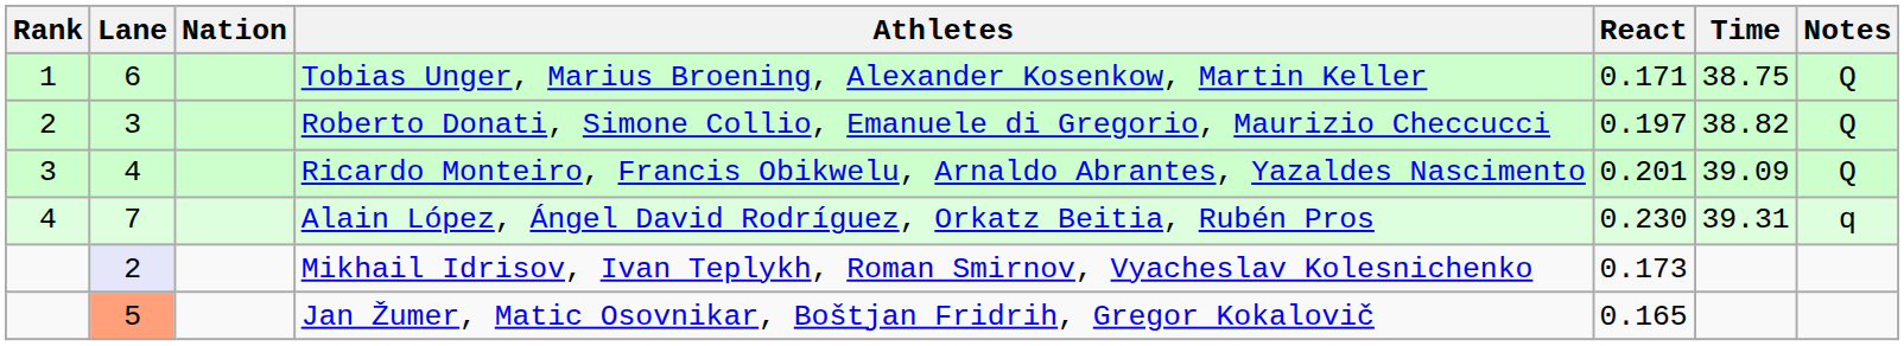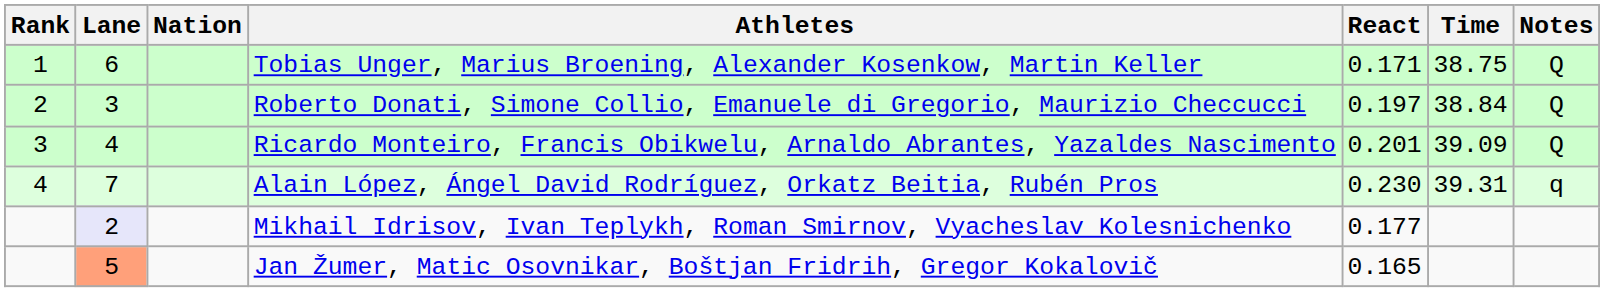 <table class="wikitable sortable" style="text-align:center">
 <tr>
 <th>Rank</th>
 <th>Lane</th>
 <th>Nation</th>
 <th>Athletes</th>
 <th>React</th>
 <th>Time</th>
 <th>Notes</th>
 </tr>
 <tr bgcolor=ccffcc>
 <td>1</td>
 <td>6</td>
 <td align=left></td>
 <td align=left><a href='#'>Tobias Unger</a>, <a href='#'>Marius Broening</a>, <a href='#'>Alexander Kosenkow</a>, <a href='#'>Martin Keller</a></td>
 <td>0.171</td>
 <td>38.75</td>
 <td>Q</td>
 </tr>
 <tr bgcolor=ccffcc>
 <td>2</td>
 <td>3</td>
 <td align=left></td>
 <td align=left><a href='#'>Roberto Donati</a>, <a href='#'>Simone Collio</a>, <a href='#'>Emanuele di Gregorio</a>, <a href='#'>Maurizio Checcucci</a></td>
 <td>0.197</td>
-<td>38.82</td>
+<td>38.84</td>
 <td>Q</td>
 </tr>
 <tr bgcolor=ccffcc>
 <td>3</td>
 <td>4</td>
 <td align=left></td>
 <td align=left><a href='#'>Ricardo Monteiro</a>, <a href='#'>Francis Obikwelu</a>, <a href='#'>Arnaldo Abrantes</a>, <a href='#'>Yazaldes Nascimento</a></td>
 <td>0.201</td>
 <td>39.09</td>
 <td>Q</td>
 </tr>
 <tr bgcolor=ddffdd>
 <td>4</td>
 <td>7</td>
 <td align=left></td>
 <td align=left><a href='#'>Alain López</a>, <a href='#'>Ángel David Rodríguez</a>, <a href='#'>Orkatz Beitia</a>, <a href='#'>Rubén Pros</a></td>
 <td>0.230</td>
 <td>39.31</td>
 <td>q</td>
 </tr>
 <tr>
 <td></td>
 <td style="background: lavender;">2</td>
 <td align=left></td>
 <td align=left><a href='#'>Mikhail Idrisov</a>, <a href='#'>Ivan Teplykh</a>, <a href='#'>Roman Smirnov</a>, <a href='#'>Vyacheslav Kolesnichenko</a></td>
-<td>0.173</td>
+<td>0.177</td>
 <td></td>
 <td></td>
 </tr>
 <tr>
 <td></td>
 <td style="background: lightsalmon;">5</td>
 <td align=left></td>
 <td align=left><a href='#'>Jan Žumer</a>, <a href='#'>Matic Osovnikar</a>, <a href='#'>Boštjan Fridrih</a>, <a href='#'>Gregor Kokalovič</a></td>
 <td>0.165</td>
 <td></td>
 <td></td>
 </tr>
 </table>
